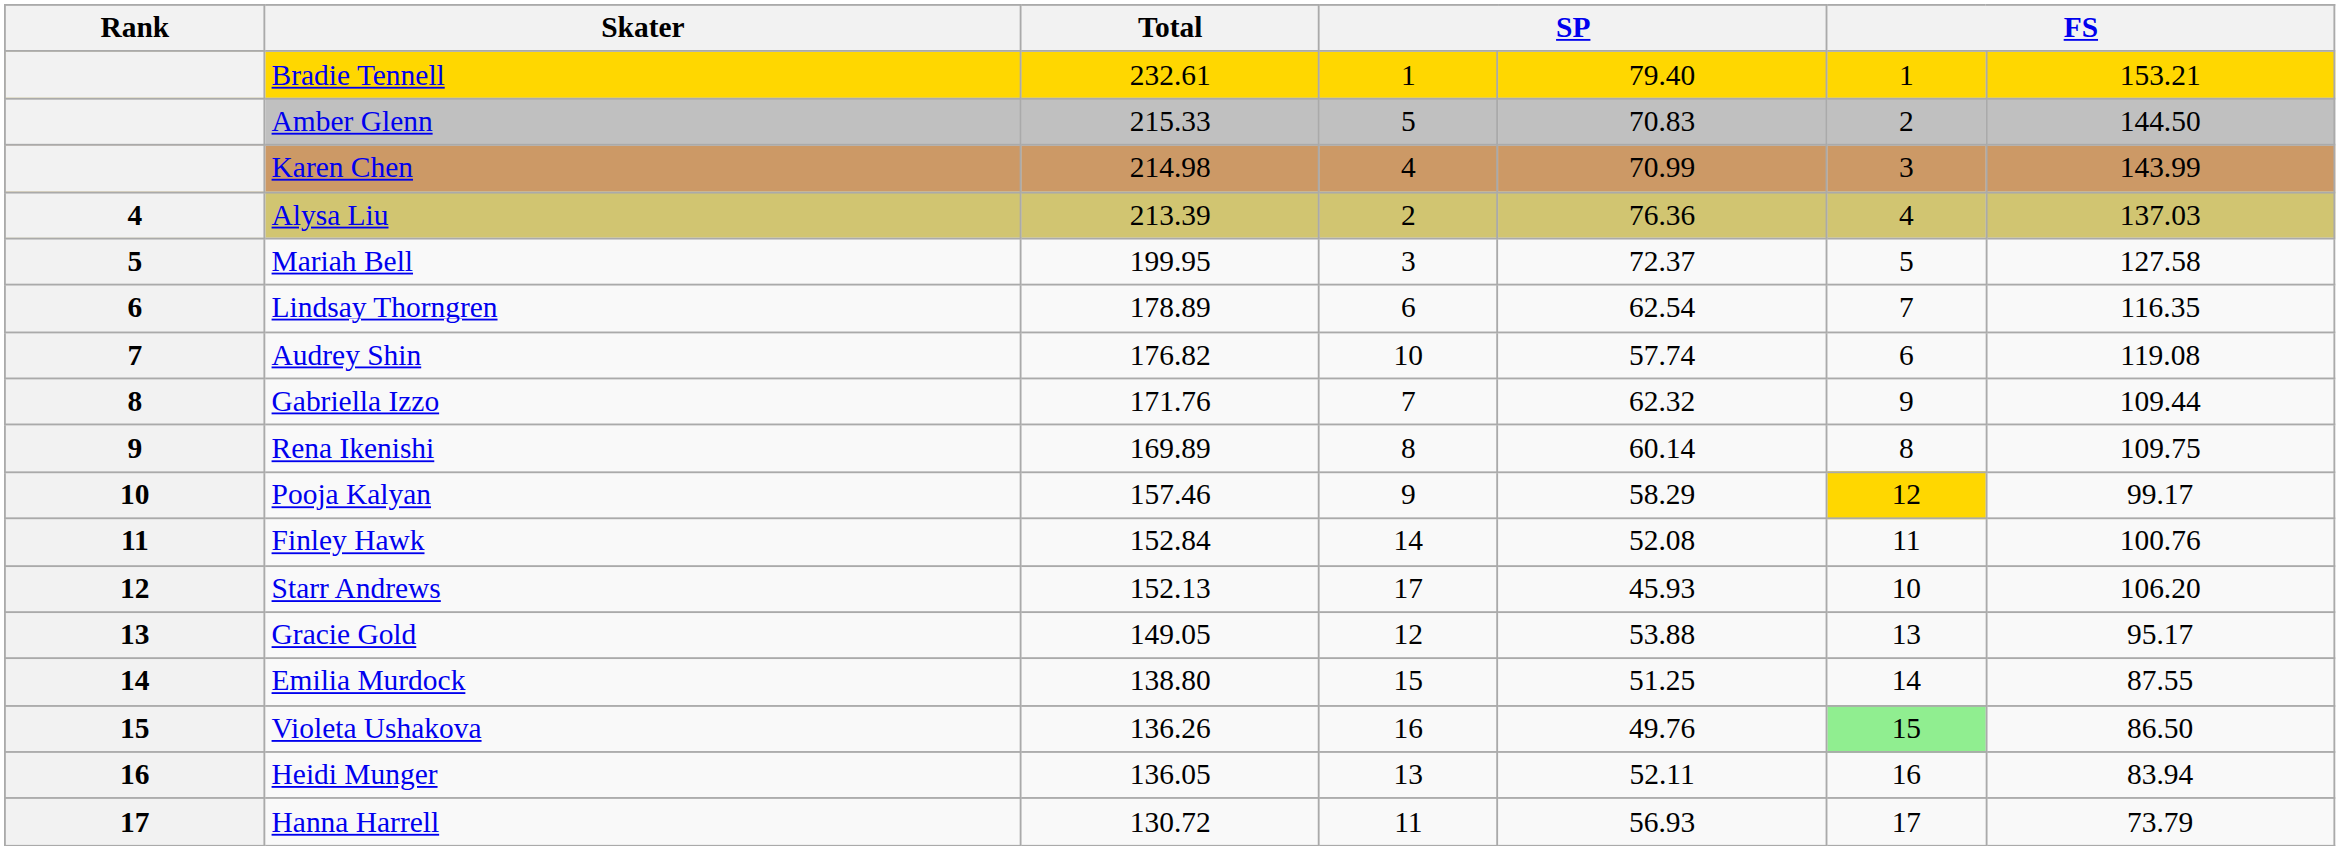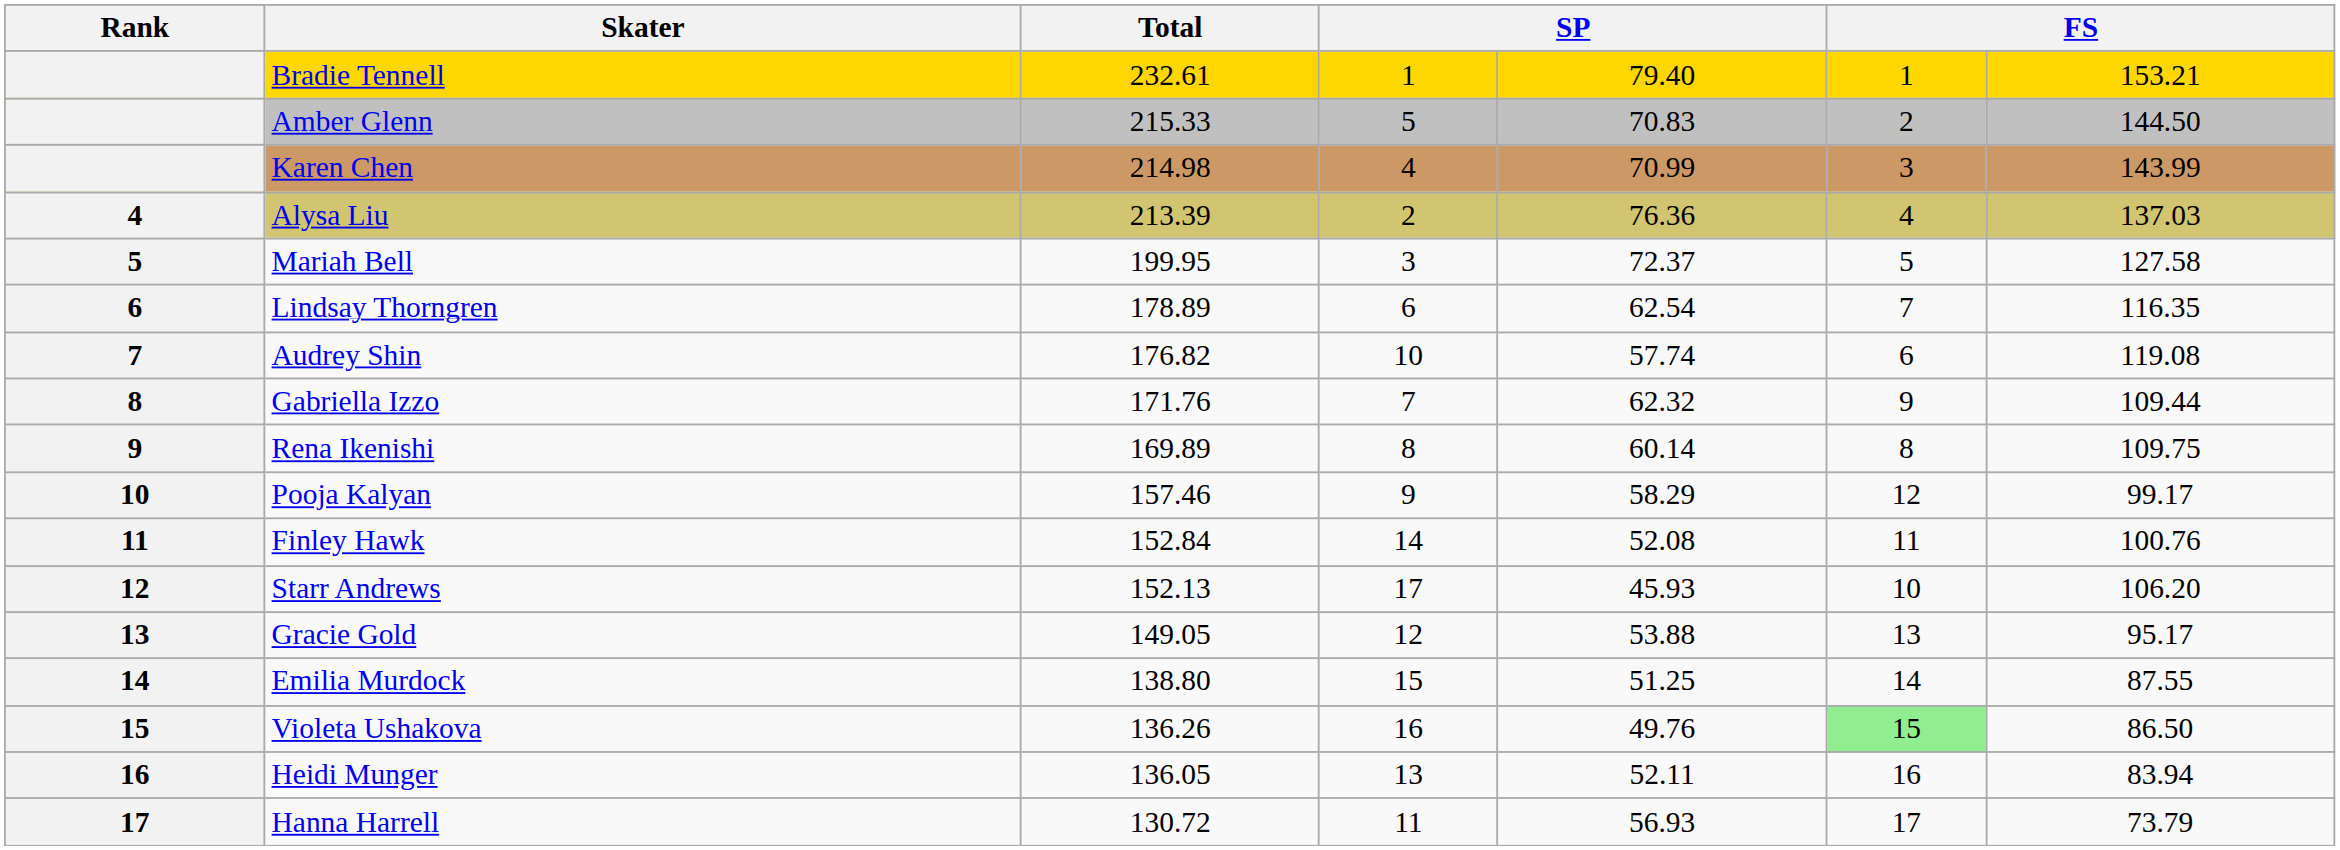 <table class="wikitable sortable" style="text-align:left; width:80%">
 <tr>
 <th scope="col">Rank</th>
 <th scope="col">Skater</th>
 <th scope="col">Total</th>
 <th scope="col" colspan="2" width="80px"><a href='#'>SP</a></th>
 <th scope="col" colspan="2" width="80px"><a href='#'>FS</a></th>
 </tr>
 <tr bgcolor="gold">
 <th scope="row"></th>
 <td><a href='#'>Bradie Tennell</a></td>
 <td align="center">232.61</td>
 <td align="center">1</td>
 <td align="center">79.40</td>
 <td align="center">1</td>
 <td align="center">153.21</td>
 </tr>
 <tr bgcolor="silver">
 <th scope="row"></th>
 <td><a href='#'>Amber Glenn</a></td>
 <td align="center">215.33</td>
 <td align="center">5</td>
 <td align="center">70.83</td>
 <td align="center">2</td>
 <td align="center">144.50</td>
 </tr>
 <tr bgcolor="cc9966">
 <th scope="row"></th>
 <td><a href='#'>Karen Chen</a></td>
 <td align="center">214.98</td>
 <td align="center">4</td>
 <td align="center">70.99</td>
 <td align="center">3</td>
 <td align="center">143.99</td>
 </tr>
 <tr bgcolor="#d1c571">
 <th scope="row">4</th>
 <td><a href='#'>Alysa Liu</a></td>
 <td align="center">213.39</td>
 <td align="center">2</td>
 <td align="center">76.36</td>
 <td align="center">4</td>
 <td align="center">137.03</td>
 </tr>
 <tr>
 <th scope="row">5</th>
 <td><a href='#'>Mariah Bell</a></td>
 <td align="center">199.95</td>
 <td align="center">3</td>
 <td align="center">72.37</td>
 <td align="center">5</td>
 <td align="center">127.58</td>
 </tr>
 <tr>
 <th scope="row">6</th>
 <td><a href='#'>Lindsay Thorngren</a></td>
 <td align="center">178.89</td>
 <td align="center">6</td>
 <td align="center">62.54</td>
 <td align="center">7</td>
 <td align="center">116.35</td>
 </tr>
 <tr>
 <th scope="row">7</th>
 <td><a href='#'>Audrey Shin</a></td>
 <td align="center">176.82</td>
 <td align="center">10</td>
 <td align="center">57.74</td>
 <td align="center">6</td>
 <td align="center">119.08</td>
 </tr>
 <tr>
 <th scope="row">8</th>
 <td><a href='#'>Gabriella Izzo</a></td>
 <td align="center">171.76</td>
 <td align="center">7</td>
 <td align="center">62.32</td>
 <td align="center">9</td>
 <td align="center">109.44</td>
 </tr>
 <tr>
 <th scope="row">9</th>
 <td><a href='#'>Rena Ikenishi</a></td>
 <td align="center">169.89</td>
 <td align="center">8</td>
 <td align="center">60.14</td>
 <td align="center">8</td>
 <td align="center">109.75</td>
 </tr>
 <tr>
 <th scope="row">10</th>
 <td><a href='#'>Pooja Kalyan</a></td>
 <td align="center">157.46</td>
 <td align="center">9</td>
 <td align="center">58.29</td>
-<td align="center" style="background: gold;">12</td>
+<td align="center">12</td>
 <td align="center">99.17</td>
 </tr>
 <tr>
 <th scope="row">11</th>
 <td><a href='#'>Finley Hawk</a></td>
 <td align="center">152.84</td>
 <td align="center">14</td>
 <td align="center">52.08</td>
 <td align="center">11</td>
 <td align="center">100.76</td>
 </tr>
 <tr>
 <th scope="row">12</th>
 <td><a href='#'>Starr Andrews</a></td>
 <td align="center">152.13</td>
 <td align="center">17</td>
 <td align="center">45.93</td>
 <td align="center">10</td>
 <td align="center">106.20</td>
 </tr>
 <tr>
 <th scope="row">13</th>
 <td><a href='#'>Gracie Gold</a></td>
 <td align="center">149.05</td>
 <td align="center">12</td>
 <td align="center">53.88</td>
 <td align="center">13</td>
 <td align="center">95.17</td>
 </tr>
 <tr>
 <th scope="row">14</th>
 <td><a href='#'>Emilia Murdock</a></td>
 <td align="center">138.80</td>
 <td align="center">15</td>
 <td align="center">51.25</td>
 <td align="center">14</td>
 <td align="center">87.55</td>
 </tr>
 <tr>
 <th scope="row">15</th>
 <td><a href='#'>Violeta Ushakova</a></td>
 <td align="center">136.26</td>
 <td align="center">16</td>
 <td align="center">49.76</td>
 <td align="center" style="background: lightgreen;">15</td>
 <td align="center">86.50</td>
 </tr>
 <tr>
 <th scope="row">16</th>
 <td><a href='#'>Heidi Munger</a></td>
 <td align="center">136.05</td>
 <td align="center">13</td>
 <td align="center">52.11</td>
 <td align="center">16</td>
 <td align="center">83.94</td>
 </tr>
 <tr>
 <th scope="row">17</th>
 <td><a href='#'>Hanna Harrell</a></td>
 <td align="center">130.72</td>
 <td align="center">11</td>
 <td align="center">56.93</td>
 <td align="center">17</td>
 <td align="center">73.79</td>
 </tr>
 </table>
